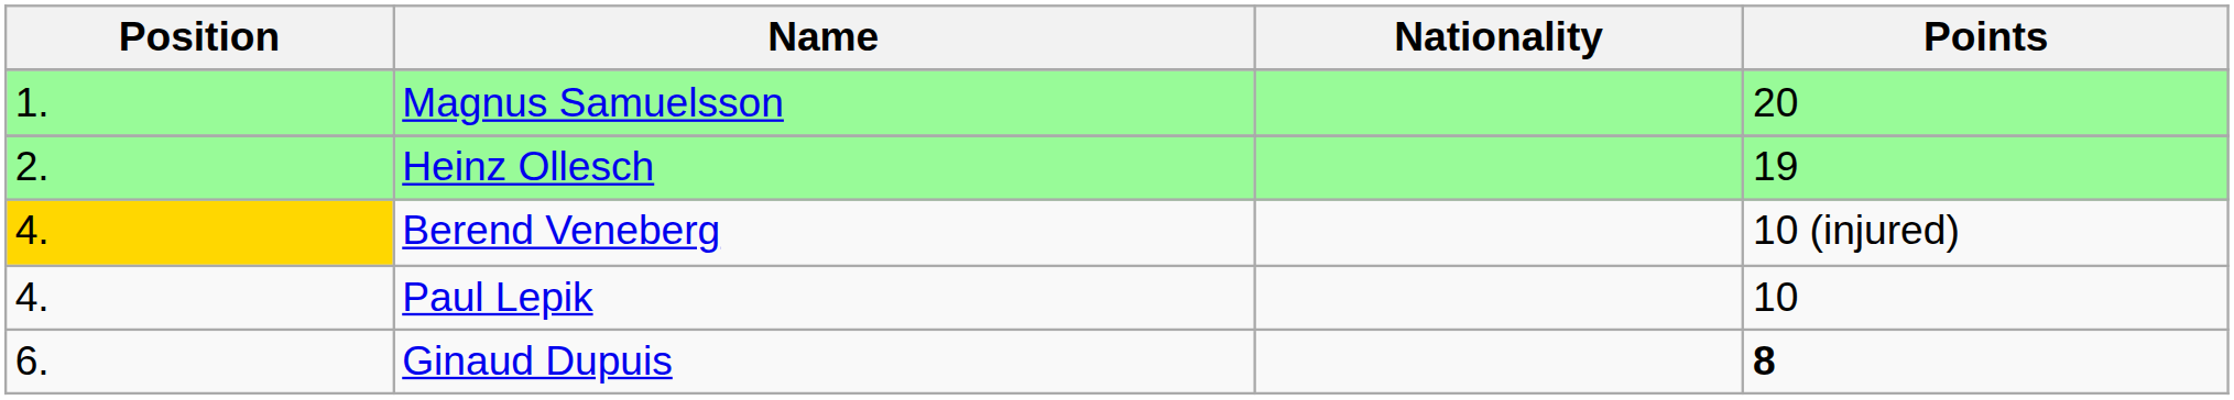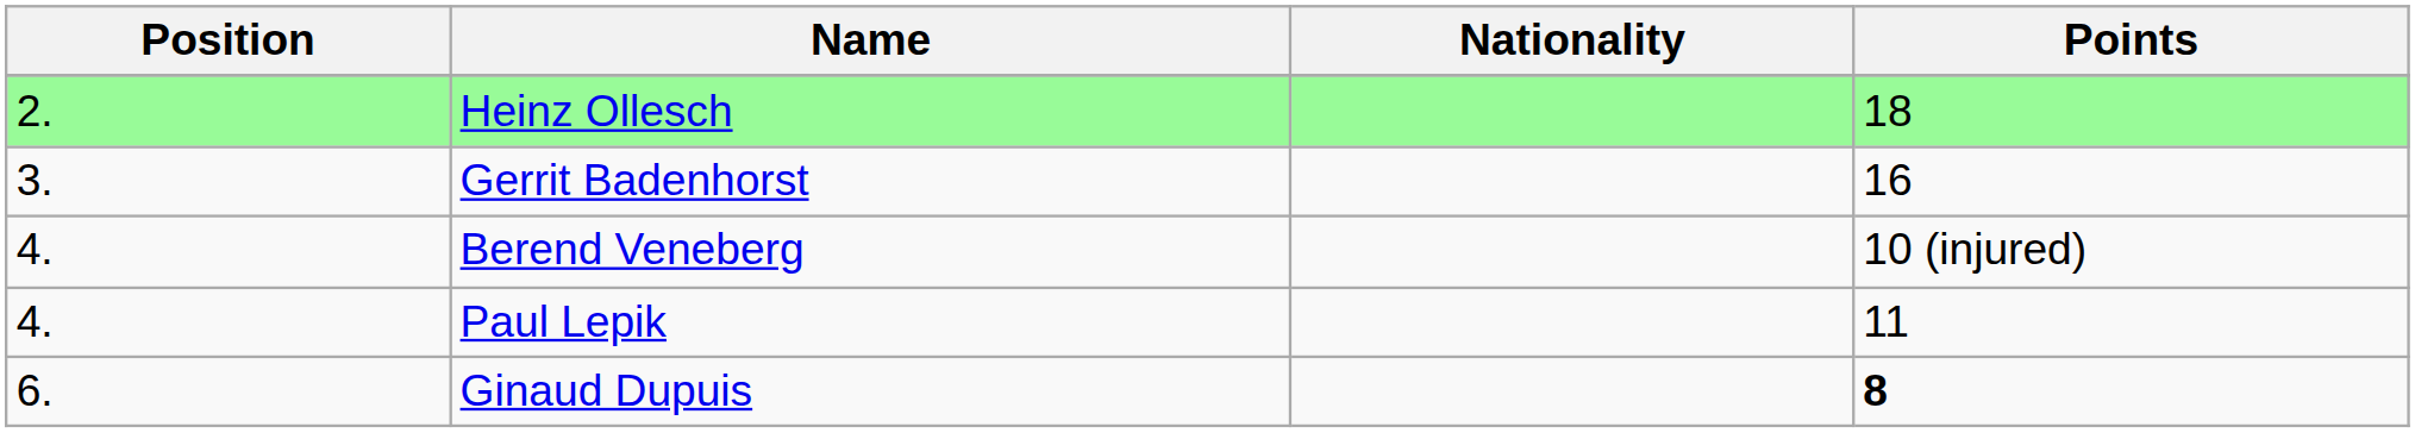 <table class="wikitable" style="display: inline-table; width: 55%;">
 <tr>
 <th>Position</th>
 <th>Name</th>
 <th>Nationality</th>
 <th>Points</th>
 </tr>
 <tr>
 </tr>
-<tr style="background:palegreen">
-<td>1.</td>
-<td><a href='#'>Magnus Samuelsson</a></td>
-<td></td>
-<td>20</td>
-</tr>
 <tr>
 </tr>
 <tr style="background:palegreen">
 <td>2.</td>
 <td><a href='#'>Heinz Ollesch</a></td>
 <td></td>
-<td>19</td>
+<td>18</td>
 </tr>
 <tr>
-<td style="background: gold;">4.</td>
+<td>3.</td>
+<td><a href='#'>Gerrit Badenhorst</a></td>
+<td></td>
+<td>16</td>
+</tr>
+<tr>
+<td>4.</td>
 <td><a href='#'>Berend Veneberg</a></td>
 <td></td>
 <td>10 (injured)</td>
 </tr>
 <tr>
 <td>4.</td>
 <td><a href='#'>Paul Lepik</a></td>
 <td></td>
-<td>10</td>
+<td>11</td>
 </tr>
 <tr>
 <td>6.</td>
 <td><a href='#'>Ginaud Dupuis</a></td>
 <td></td>
 <td><strong>8</strong></td>
 </tr>
 </table>
